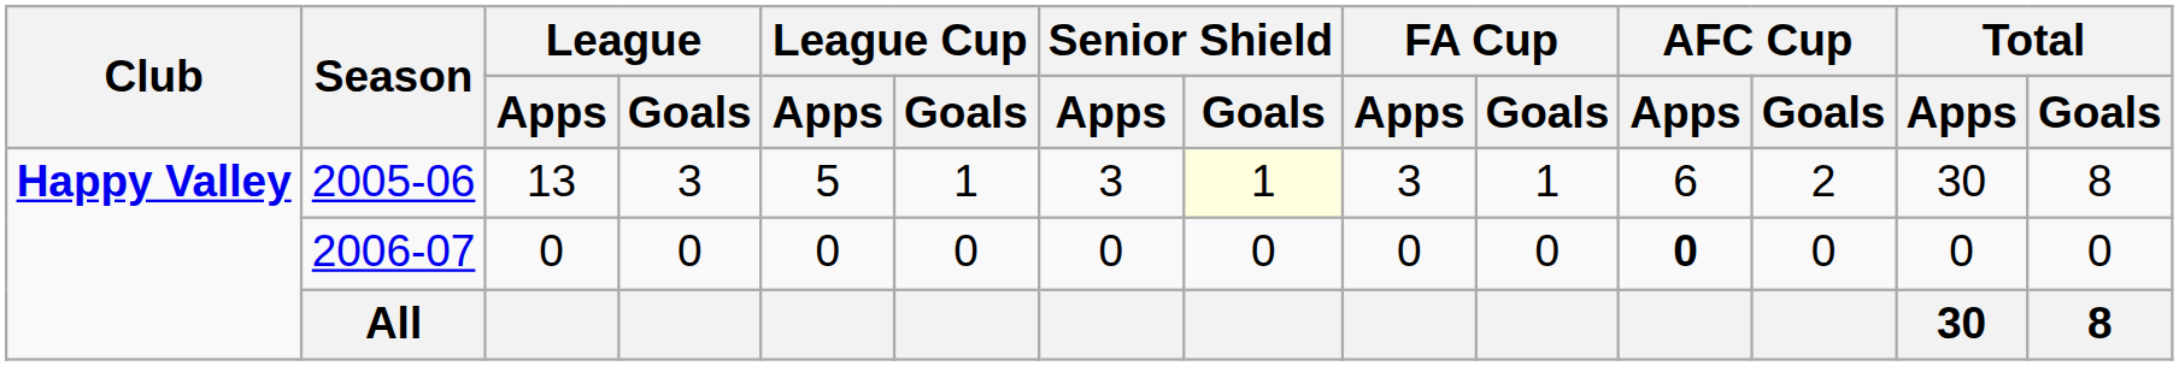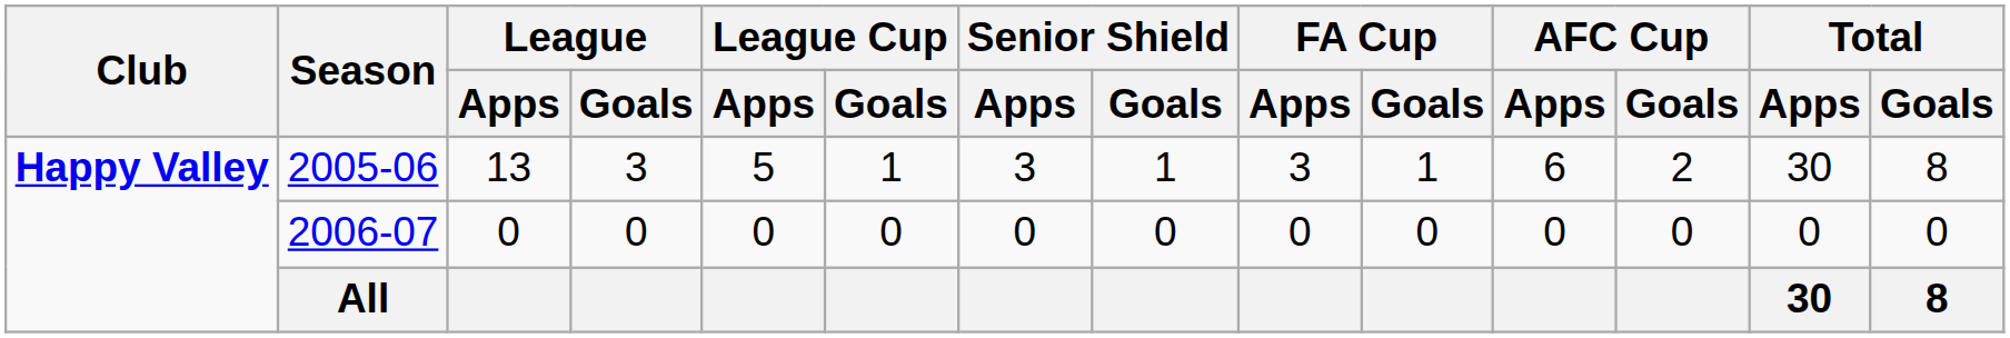 <table class="wikitable" style="text-align: center;">
 <tr>
 <th rowspan="2">Club</th>
 <th rowspan="2">Season</th>
 <th colspan="2">League</th>
 <th colspan="2">League Cup</th>
 <th colspan="2">Senior Shield</th>
 <th colspan="2">FA Cup</th>
 <th colspan="2">AFC Cup</th>
 <th colspan="2">Total</th>
 </tr>
 <tr>
 <th>Apps</th>
 <th>Goals</th>
 <th>Apps</th>
 <th>Goals</th>
 <th>Apps</th>
 <th>Goals</th>
 <th>Apps</th>
 <th>Goals</th>
 <th>Apps</th>
 <th>Goals</th>
 <th>Apps</th>
 <th>Goals</th>
 </tr>
 <tr>
 <td rowspan="3" valign="top"><strong><a href='#'>Happy Valley</a></strong></td>
 <td><a href='#'>2005-06</a></td>
 <td>13</td>
 <td>3</td>
 <td>5</td>
 <td>1</td>
 <td>3</td>
-<td style="background: lightyellow;">1</td>
+<td>1</td>
 <td>3</td>
 <td>1</td>
 <td>6</td>
 <td>2</td>
 <td>30</td>
 <td>8</td>
 </tr>
 <tr>
 <td><a href='#'>2006-07</a></td>
 <td>0</td>
 <td>0</td>
 <td>0</td>
 <td>0</td>
 <td>0</td>
 <td>0</td>
 <td>0</td>
 <td>0</td>
-<td><strong>0</strong></td>
+<td>0</td>
 <td>0</td>
 <td>0</td>
 <td>0</td>
 </tr>
 <tr>
 <th>All</th>
 <th></th>
 <th></th>
 <th></th>
 <th></th>
 <th></th>
 <th></th>
 <th></th>
 <th></th>
 <th></th>
 <th></th>
 <th>30</th>
 <th>8</th>
 </tr>
 </table>
